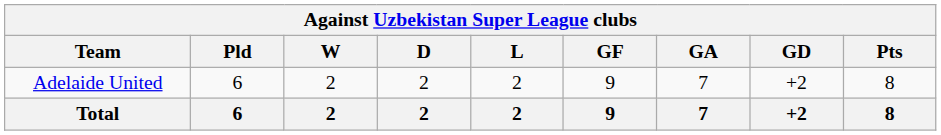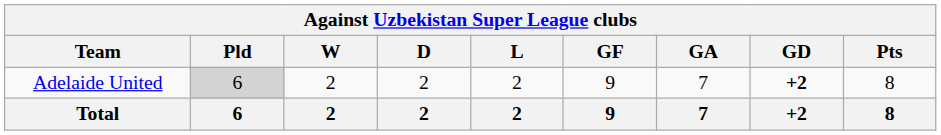 <table width=60% class="wikitable" style="text-align:center">
 <tr>
 <th colspan=9>Against <a href='#'>Uzbekistan Super League</a> clubs</th>
 </tr>
 <tr>
 <th width=10%>Team</th>
 <th width=5%>Pld</th>
 <th width=5%>W</th>
 <th width=5%>D</th>
 <th width=5%>L</th>
 <th width=5%>GF</th>
 <th width=5%>GA</th>
 <th width=5%>GD</th>
 <th width=5%>Pts</th>
 </tr>
 <tr>
 <td align=center><a href='#'>Adelaide United</a></td>
-<td>6</td>
+<td style="background: lightgrey;">6</td>
 <td>2</td>
 <td>2</td>
 <td>2</td>
 <td>9</td>
 <td>7</td>
-<td>+2</td>
+<td><strong>+2</strong></td>
 <td>8</td>
 </tr>
 <tr>
 <th>Total</th>
 <th>6</th>
 <th>2</th>
 <th>2</th>
 <th>2</th>
 <th>9</th>
 <th>7</th>
 <th>+2</th>
 <th>8</th>
 </tr>
 </table>
